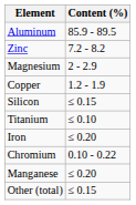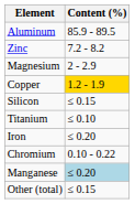 <table class="wikitable">
 <tr>
 <th>Element</th>
 <th>Content (%)</th>
 </tr>
 <tr>
 <td><a href='#'>Aluminum</a></td>
 <td>85.9 - 89.5</td>
 </tr>
 <tr>
 <td><a href='#'>Zinc</a></td>
 <td>7.2 - 8.2</td>
 </tr>
 <tr>
 <td>Magnesium</td>
 <td>2 - 2.9</td>
 </tr>
 <tr>
 <td>Copper</td>
-<td>1.2 - 1.9</td>
+<td style="background: gold;">1.2 - 1.9</td>
 </tr>
 <tr>
 <td>Silicon</td>
 <td>≤ 0.15</td>
 </tr>
 <tr>
 <td>Titanium</td>
 <td>≤ 0.10</td>
 </tr>
 <tr>
 <td>Iron</td>
 <td>≤ 0.20</td>
 </tr>
 <tr>
 <td>Chromium</td>
 <td>0.10 - 0.22</td>
 </tr>
 <tr>
 <td>Manganese</td>
-<td>≤ 0.20</td>
+<td style="background: lightblue;">≤ 0.20</td>
 </tr>
 <tr>
 <td>Other (total)</td>
 <td>≤ 0.15</td>
 </tr>
 </table>
